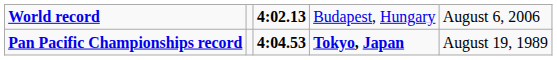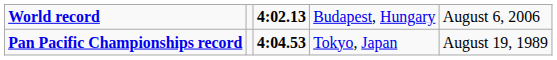 <table class="wikitable">
 <tr>
 <td><strong><a href='#'>World record</a></strong></td>
 <td></td>
 <td><strong>4:02.13</strong></td>
 <td><a href='#'>Budapest</a>, <a href='#'>Hungary</a></td>
 <td>August 6, 2006</td>
 </tr>
 <tr>
 <td><strong><a href='#'>Pan Pacific Championships record</a></strong></td>
 <td></td>
 <td><strong>4:04.53</strong></td>
-<td><strong><a href='#'>Tokyo</a>, <a href='#'>Japan</a></strong></td>
+<td><a href='#'>Tokyo</a>, <a href='#'>Japan</a></td>
 <td>August 19, 1989</td>
 </tr>
 </table>
